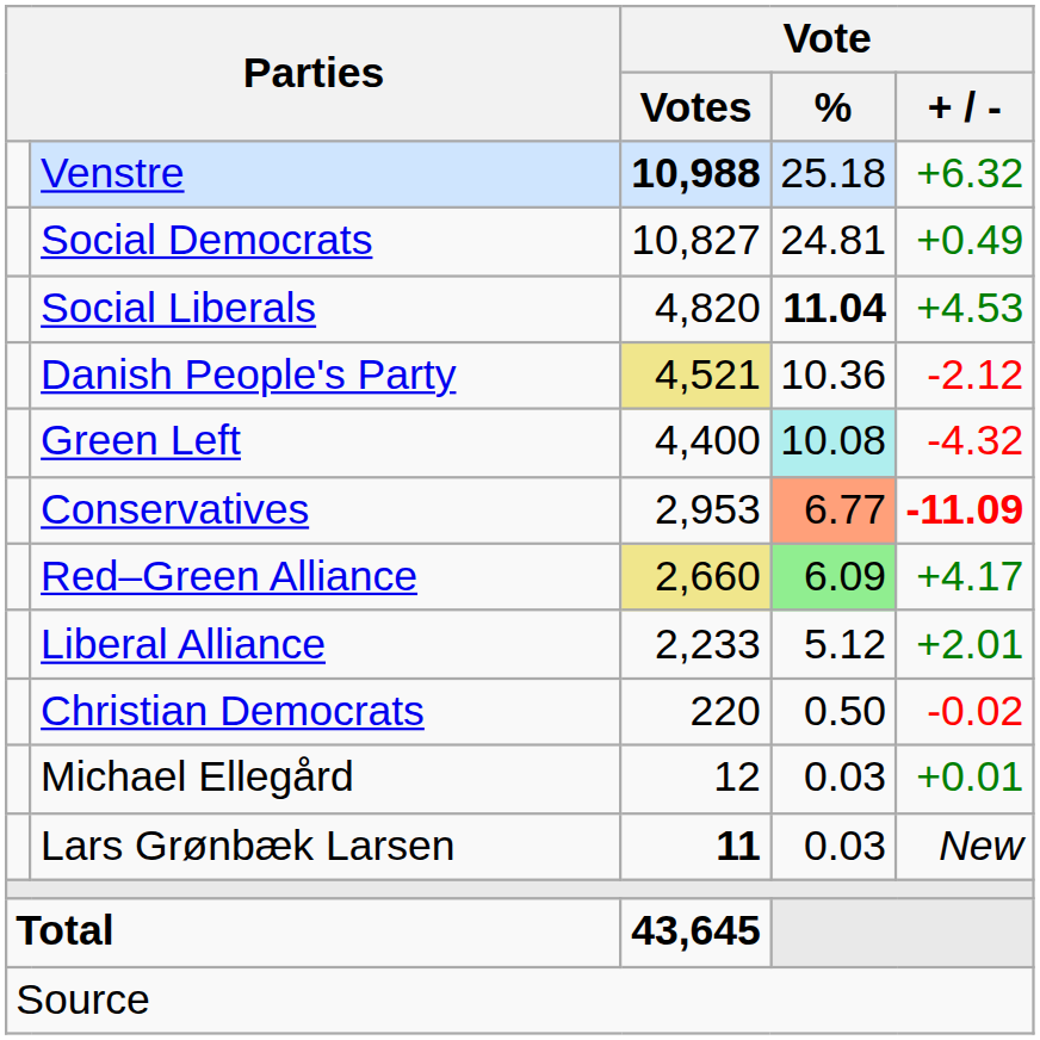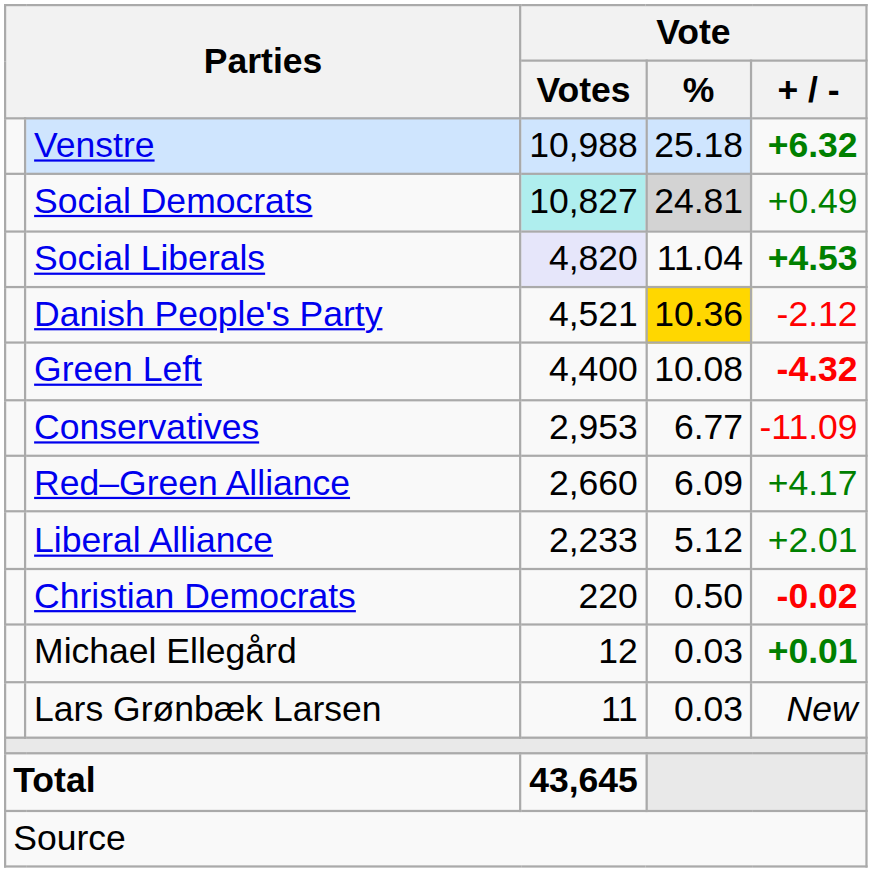 <table class="wikitable" style="text-align:right;">
 <tr>
 <th style="text-align:centre;" rowspan="2" colspan="2" width="225">Parties</th>
 <th colspan="3">Vote</th>
 </tr>
 <tr>
 <th width="15">Votes</th>
 <th width="15">%</th>
 <th width="15">+ / -</th>
 </tr>
 <tr>
 <td width="2" style="color:inherit;background:"></td>
 <td bgcolor=#cfe5fe  align="left"><a href='#'>Venstre</a></td>
-<td bgcolor=#cfe5fe><strong>10,988</strong></td>
+<td bgcolor=#cfe5fe>10,988</td>
 <td bgcolor=#cfe5fe>25.18</td>
-<td style=color:green;>+6.32</td>
+<td style=color:green;><strong>+6.32</strong></td>
 </tr>
 <tr>
 <td width="2" style="color:inherit;background:"></td>
 <td align="left"><a href='#'>Social Democrats</a></td>
-<td>10,827</td>
-<td>24.81</td>
+<td style="background: paleturquoise;">10,827</td>
+<td style="background: lightgrey;">24.81</td>
 <td style=color:green;>+0.49</td>
 </tr>
 <tr>
 <td width="2" style="color:inherit;background:"></td>
 <td align="left"><a href='#'>Social Liberals</a></td>
-<td>4,820</td>
-<td><strong>11.04</strong></td>
-<td style=color:green;>+4.53</td>
+<td style="background: lavender;">4,820</td>
+<td>11.04</td>
+<td style=color:green;><strong>+4.53</strong></td>
 </tr>
 <tr>
 <td width="2" style="color:inherit;background:"></td>
 <td align="left"><a href='#'>Danish People's Party</a></td>
-<td style="background: khaki;">4,521</td>
-<td>10.36</td>
+<td>4,521</td>
+<td style="background: gold;">10.36</td>
 <td style=color:red;>-2.12</td>
 </tr>
 <tr>
 <td width="2" style="color:inherit;background:"></td>
 <td align="left"><a href='#'>Green Left</a></td>
 <td>4,400</td>
-<td style="background: paleturquoise;">10.08</td>
-<td style=color:red;>-4.32</td>
+<td>10.08</td>
+<td style=color:red;><strong>-4.32</strong></td>
 </tr>
 <tr>
 <td width="2" style="color:inherit;background:"></td>
 <td align="left"><a href='#'>Conservatives</a></td>
 <td>2,953</td>
-<td style="background: lightsalmon;">6.77</td>
-<td style=color:red;><strong>-11.09</strong></td>
+<td>6.77</td>
+<td style=color:red;>-11.09</td>
 </tr>
 <tr>
 <td width="2" style="color:inherit;background:"></td>
 <td align="left"><a href='#'>Red–Green Alliance</a></td>
-<td style="background: khaki;">2,660</td>
-<td style="background: lightgreen;">6.09</td>
+<td>2,660</td>
+<td>6.09</td>
 <td style=color:green;>+4.17</td>
 </tr>
 <tr>
 <td width="2" style="color:inherit;background:"></td>
 <td align="left"><a href='#'>Liberal Alliance</a></td>
 <td>2,233</td>
 <td>5.12</td>
 <td style=color:green;>+2.01</td>
 </tr>
 <tr>
 <td width="2" style="color:inherit;background:"></td>
 <td align="left"><a href='#'>Christian Democrats</a></td>
 <td>220</td>
 <td>0.50</td>
-<td style=color:red;>-0.02</td>
+<td style=color:red;><strong>-0.02</strong></td>
 </tr>
 <tr>
 <td width="2" style="color:inherit;background:"></td>
 <td align="left">Michael Ellegård</td>
 <td>12</td>
 <td>0.03</td>
-<td style=color:green;>+0.01</td>
+<td style=color:green;><strong>+0.01</strong></td>
 </tr>
 <tr>
 <td width="2" style="color:inherit;background:"></td>
 <td align="left">Lars Grønbæk Larsen</td>
-<td><strong>11</strong></td>
+<td>11</td>
 <td>0.03</td>
 <td><em>New</em></td>
 </tr>
 <tr>
 <td colspan="7" bgcolor="#E9E9E9"></td>
 </tr>
 <tr>
 <td align="left" colspan="2"><strong>Total</strong></td>
 <td><strong>43,645</strong></td>
 <td bgcolor="#E9E9E9" colspan="2"></td>
 </tr>
 <tr>
 <td align="left" colspan="6">Source</td>
 </tr>
 </table>
